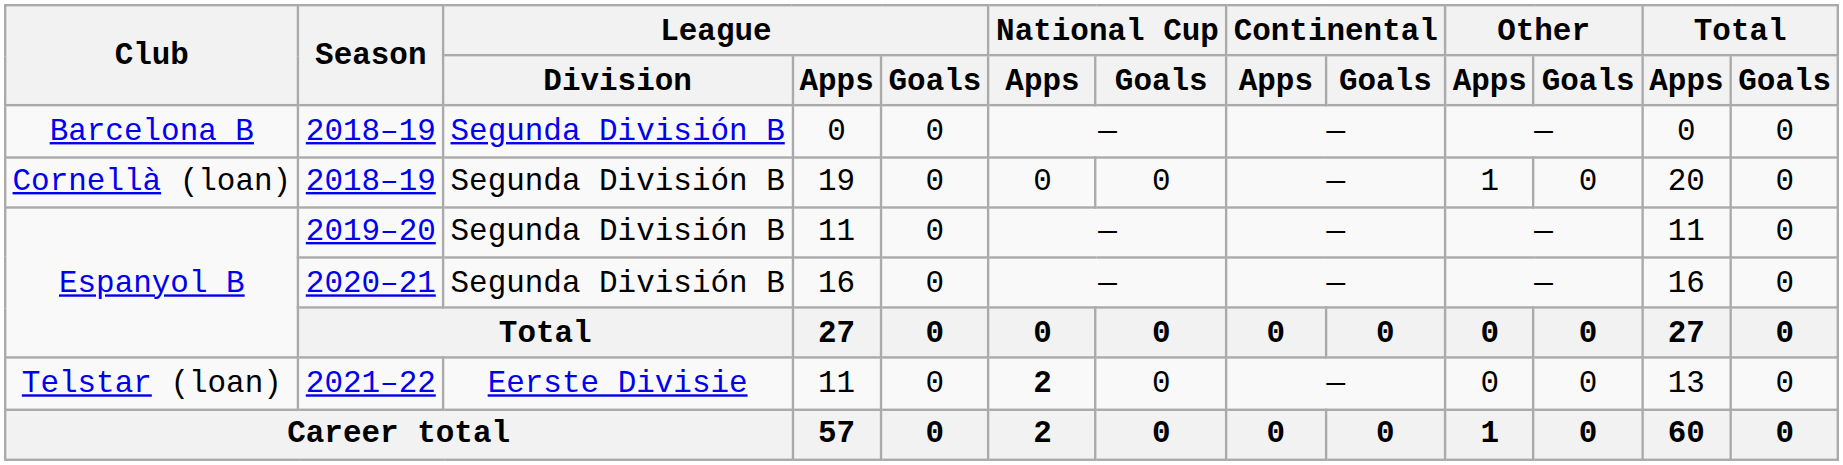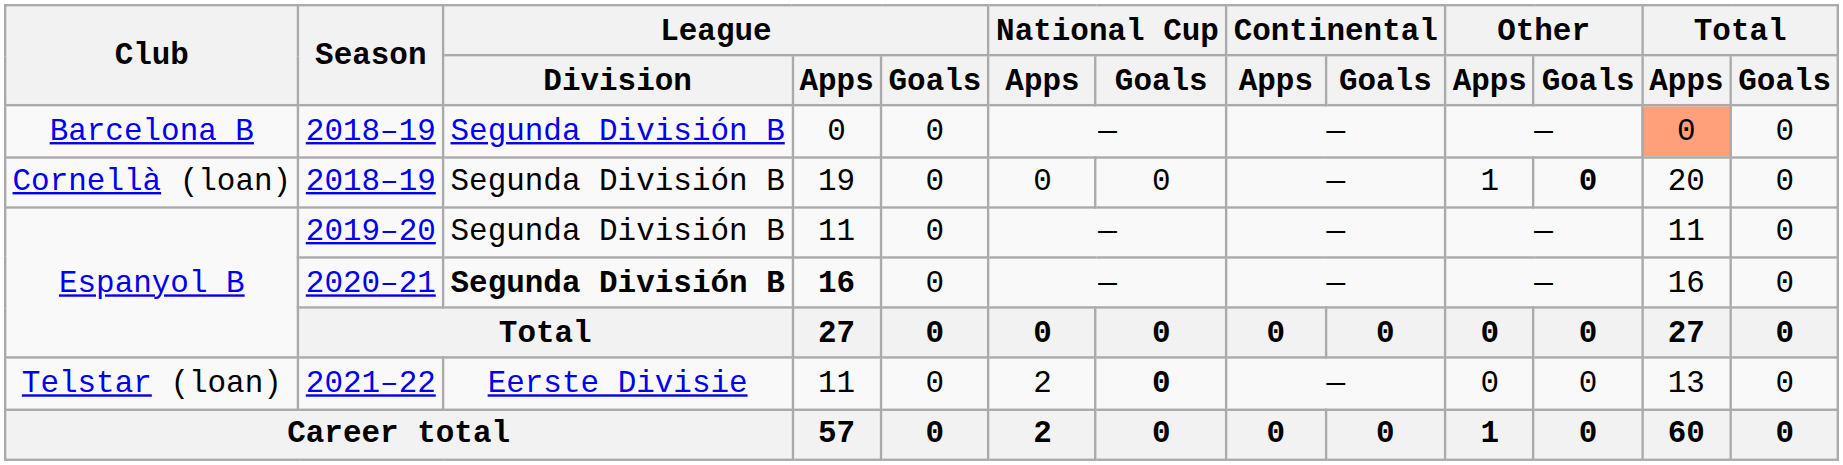 <table class="wikitable" style="text-align:center">
 <tr>
 <th rowspan="2">Club</th>
 <th rowspan="2">Season</th>
 <th colspan="3">League</th>
 <th colspan="2">National Cup</th>
 <th colspan="2">Continental</th>
 <th colspan="2">Other</th>
 <th colspan="2">Total</th>
 </tr>
 <tr>
 <th>Division</th>
 <th>Apps</th>
 <th>Goals</th>
 <th>Apps</th>
 <th>Goals</th>
 <th>Apps</th>
 <th>Goals</th>
 <th>Apps</th>
 <th>Goals</th>
 <th>Apps</th>
 <th>Goals</th>
 </tr>
 <tr>
 <td><a href='#'>Barcelona B</a></td>
 <td><a href='#'>2018–19</a></td>
 <td><a href='#'>Segunda División B</a></td>
 <td>0</td>
 <td>0</td>
 <td colspan="2">—</td>
 <td colspan="2">—</td>
 <td colspan="2">—</td>
-<td>0</td>
+<td style="background: lightsalmon;">0</td>
 <td>0</td>
 </tr>
 <tr>
 <td><a href='#'>Cornellà</a> (loan)</td>
 <td><a href='#'>2018–19</a></td>
 <td>Segunda División B</td>
 <td>19</td>
 <td>0</td>
 <td>0</td>
 <td>0</td>
 <td colspan="2">—</td>
 <td>1</td>
-<td>0</td>
+<td><strong>0</strong></td>
 <td>20</td>
 <td>0</td>
 </tr>
 <tr>
 <td rowspan="3"><a href='#'>Espanyol B</a></td>
 <td><a href='#'>2019–20</a></td>
 <td>Segunda División B</td>
 <td>11</td>
 <td>0</td>
 <td colspan="2">—</td>
 <td colspan="2">—</td>
 <td colspan="2">—</td>
 <td>11</td>
 <td>0</td>
 </tr>
 <tr>
 <td><a href='#'>2020–21</a></td>
-<td>Segunda División B</td>
-<td>16</td>
+<td><strong>Segunda División B</strong></td>
+<td><strong>16</strong></td>
 <td>0</td>
 <td colspan="2">—</td>
 <td colspan="2">—</td>
 <td colspan="2">—</td>
 <td>16</td>
 <td>0</td>
 </tr>
 <tr>
 <th colspan="2">Total</th>
 <th>27</th>
 <th>0</th>
 <th>0</th>
 <th>0</th>
 <th>0</th>
 <th>0</th>
 <th>0</th>
 <th>0</th>
 <th>27</th>
 <th>0</th>
 </tr>
 <tr>
 <td><a href='#'>Telstar</a> (loan)</td>
 <td><a href='#'>2021–22</a></td>
 <td><a href='#'>Eerste Divisie</a></td>
 <td>11</td>
 <td>0</td>
-<td><strong>2</strong></td>
-<td>0</td>
+<td>2</td>
+<td><strong>0</strong></td>
 <td colspan="2">—</td>
 <td>0</td>
 <td>0</td>
 <td>13</td>
 <td>0</td>
 </tr>
 <tr>
 <th colspan="3">Career total</th>
 <th>57</th>
 <th>0</th>
 <th>2</th>
 <th>0</th>
 <th>0</th>
 <th>0</th>
 <th>1</th>
 <th>0</th>
 <th>60</th>
 <th>0</th>
 </tr>
 </table>
